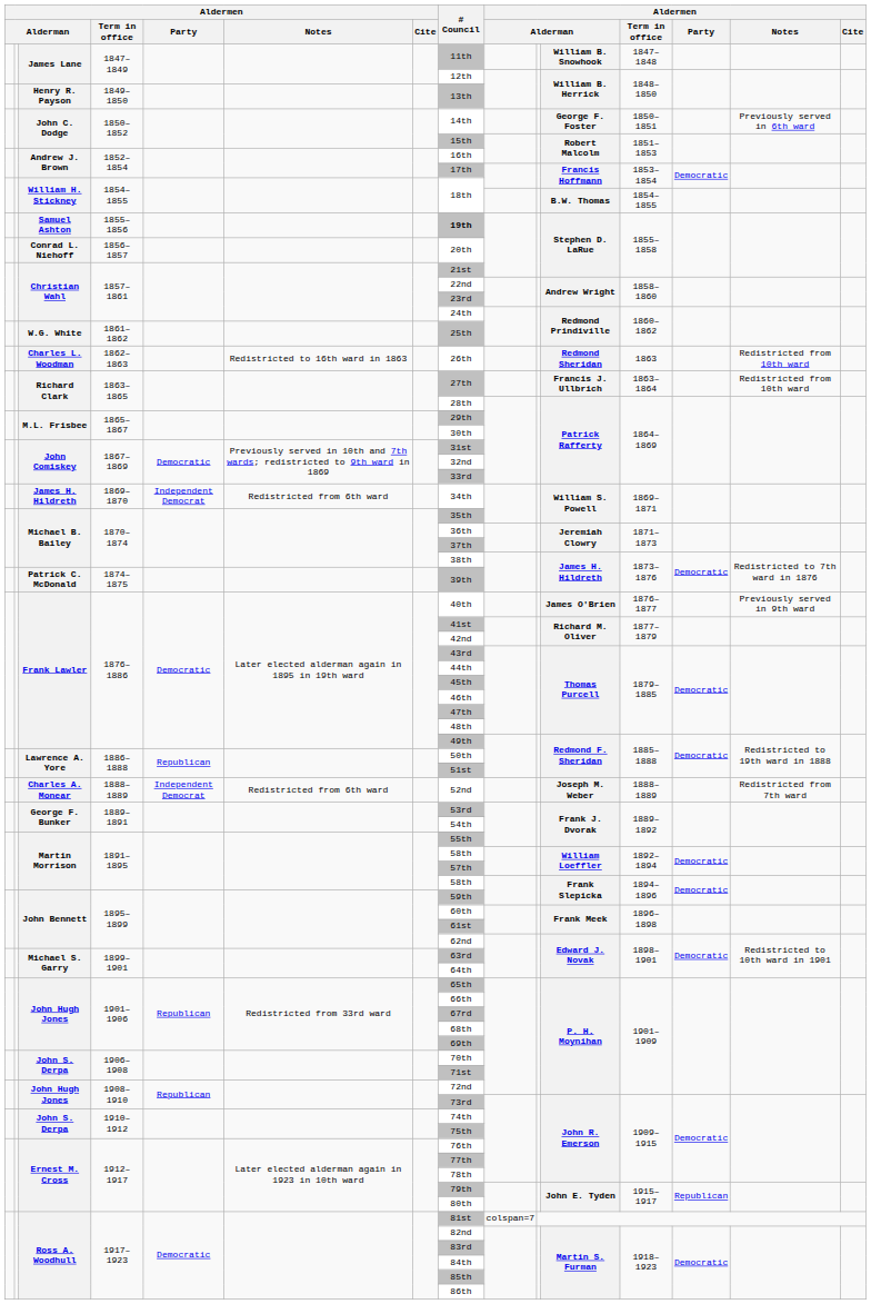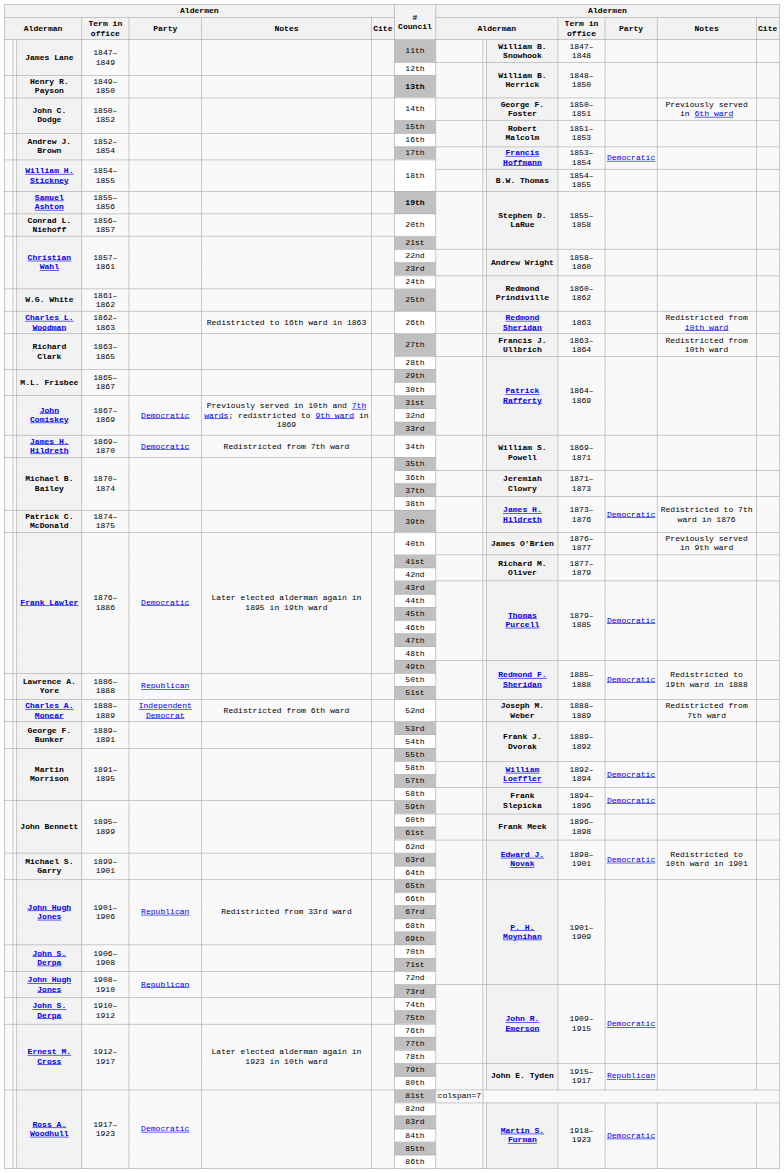 <table class="wikitable" style="text-align:center;">
 <tr>
 <th scope="col" colspan="7">Aldermen</th>
 <th rowspan=2 scope=col># Council</th>
 <th scope="col" colspan="7">Aldermen</th>
 </tr>
 <tr>
 <th scope="col" colspan="3">Alderman</th>
 <th scope="col">Term in office</th>
 <th scope="col">Party</th>
 <th scope="col">Notes</th>
 <th scope="col">Cite</th>
 <th scope="col" colspan="3">Alderman</th>
 <th scope="col">Term in office</th>
 <th scope="col">Party</th>
 <th scope="col">Notes</th>
 <th scope="col">Cite</th>
 </tr>
 <tr>
 <td rowspan=2></td>
 <td rowspan=2></td>
 <th rowspan=2 scope="row">James Lane</th>
 <td rowspan=2>1847–1849</td>
 <td rowspan=2></td>
 <td rowspan=2></td>
 <td rowspan=2></td>
 <td style= "background-color:#C0C0C0">11th</td>
 <td></td>
 <td></td>
 <th scope="row">William B. Snowhook</th>
 <td>1847–1848</td>
 <td></td>
 <td></td>
 <td></td>
 </tr>
 <tr>
 <td style= "background-color:#FFFFFF">12th</td>
 <td rowspan=2></td>
 <td rowspan=2></td>
 <th rowspan=2 scope="row">William B. Herrick</th>
 <td rowspan=2>1848–1850</td>
 <td rowspan=2></td>
 <td rowspan=2></td>
 <td rowspan=2></td>
 </tr>
 <tr>
 <td></td>
 <td></td>
 <th scope="row">Henry R. Payson</th>
 <td>1849–1850</td>
 <td></td>
 <td></td>
 <td></td>
-<td style= "background-color:#C0C0C0">13th</td>
+<td style= "background-color:#C0C0C0"><strong>13th</strong></td>
 </tr>
 <tr>
 <td rowspan=2></td>
 <td rowspan=2></td>
 <th rowspan=2 scope="row">John C. Dodge</th>
 <td rowspan=2>1850–1852</td>
 <td rowspan=2></td>
 <td rowspan=2></td>
 <td rowspan=2></td>
 <td style= "background-color:#FFFFFF">14th</td>
 <td></td>
 <td></td>
 <th scope="row">George F. Foster</th>
 <td>1850–1851</td>
 <td></td>
 <td>Previously served in <a href='#'>6th ward</a></td>
 <td></td>
 </tr>
 <tr>
 <td style= "background-color:#C0C0C0">15th</td>
 <td rowspan=2></td>
 <td rowspan=2></td>
 <th rowspan=2 scope="row">Robert Malcolm</th>
 <td rowspan=2>1851–1853</td>
 <td rowspan=2></td>
 <td rowspan=2></td>
 <td rowspan=2></td>
 </tr>
 <tr>
 <td rowspan=2></td>
 <td rowspan=2></td>
 <th rowspan=2 scope="row">Andrew J. Brown</th>
 <td rowspan=2>1852–1854</td>
 <td rowspan=2></td>
 <td rowspan=2></td>
 <td rowspan=2></td>
 <td style= "background-color:#FFFFFF">16th</td>
 </tr>
 <tr>
 <td style= "background-color:#C0C0C0">17th</td>
 <td rowspan=2> </td>
 <td rowspan=2></td>
 <th rowspan=2 scope="row"><a href='#'>Francis Hoffmann</a></th>
 <td rowspan=2>1853–1854</td>
 <td rowspan=2><a href='#'>Democratic</a></td>
 <td rowspan=2></td>
 <td rowspan=2></td>
 </tr>
 <tr>
 <td rowspan=2></td>
 <td rowspan=2></td>
 <th rowspan=2 scope="row"><a href='#'>William H. Stickney</a></th>
 <td rowspan=2>1854–1855</td>
 <td rowspan=2></td>
 <td rowspan=2></td>
 <td rowspan=2></td>
 <td rowspan=2 style= "background-color:#FFFFFF">18th</td>
 </tr>
 <tr>
 <td></td>
 <td></td>
 <th scope="row">B.W. Thomas</th>
 <td>1854–1855</td>
 <td></td>
 <td></td>
 <td></td>
 </tr>
 <tr>
 <td></td>
 <td></td>
 <th scope="row"><a href='#'>Samuel Ashton</a></th>
 <td>1855–1856</td>
 <td></td>
 <td></td>
 <td></td>
 <td style= "background-color:#C0C0C0"><strong>19th</strong></td>
 <td rowspan=3></td>
 <td rowspan=3></td>
 <th rowspan=3 scope="row">Stephen D. LaRue</th>
 <td rowspan=3>1855–1858</td>
 <td rowspan=3></td>
 <td rowspan=3></td>
 <td rowspan=3></td>
 </tr>
 <tr>
 <td></td>
 <td></td>
 <th scope="row">Conrad L. Niehoff</th>
 <td>1856–1857</td>
 <td></td>
 <td></td>
 <td></td>
 <td style= "background-color:#FFFFFF">20th</td>
 </tr>
 <tr>
 <td rowspan=4></td>
 <td rowspan=4></td>
 <th rowspan=4 scope="row"><a href='#'>Christian Wahl</a></th>
 <td rowspan=4>1857–1861</td>
 <td rowspan=4></td>
 <td rowspan=4></td>
 <td rowspan=4></td>
 <td style= "background-color:#C0C0C0">21st</td>
 </tr>
 <tr>
 <td style= "background-color:#FFFFFF">22nd</td>
 <td rowspan=2></td>
 <td rowspan=2></td>
 <th rowspan=2 scope="row">Andrew Wright</th>
 <td rowspan=2>1858–1860</td>
 <td rowspan=2></td>
 <td rowspan=2></td>
 <td rowspan=2></td>
 </tr>
 <tr>
 <td style= "background-color:#C0C0C0">23rd</td>
 </tr>
 <tr>
 <td style= "background-color:#FFFFFF">24th</td>
 <td rowspan=2></td>
 <td rowspan=2></td>
 <th rowspan=2 scope="row">Redmond Prindiville</th>
 <td rowspan=2>1860–1862</td>
 <td rowspan=2></td>
 <td rowspan=2></td>
 <td rowspan=2></td>
 </tr>
 <tr>
 <td></td>
 <td></td>
 <th scope="row">W.G. White</th>
 <td>1861–1862</td>
 <td></td>
 <td></td>
 <td></td>
 <td style= "background-color:#C0C0C0">25th</td>
 </tr>
 <tr>
 <td rowspan=2></td>
 <td rowspan=2></td>
 <th rowspan=2 scope="row"><a href='#'>Charles L. Woodman</a></th>
 <td rowspan=2>1862–1863</td>
 <td rowspan=2></td>
 <td rowspan=2>Redistricted to 16th ward in 1863</td>
 <td rowspan=2></td>
 <td rowspan=2 style= "background-color:#FFFFFF">26th</td>
 <td></td>
 <td></td>
 <th scope="row"><a href='#'>Redmond Sheridan</a></th>
 <td>1863</td>
 <td></td>
 <td>Redistricted from <a href='#'>10th ward</a></td>
 <td></td>
 </tr>
 <tr>
 <td rowspan=2></td>
 <td rowspan=2></td>
 <th rowspan=2 scope="row">Francis J. Ullbrich</th>
 <td rowspan=2>1863–1864</td>
 <td rowspan=2></td>
 <td rowspan=2>Redistricted from 10th ward</td>
 <td rowspan=2></td>
 </tr>
 <tr>
 <td rowspan=2></td>
 <td rowspan=2></td>
 <th rowspan=2 scope="row">Richard Clark</th>
 <td rowspan=2>1863–1865</td>
 <td rowspan=2></td>
 <td rowspan=2></td>
 <td rowspan=2></td>
 <td style= "background-color:#C0C0C0">27th</td>
 </tr>
 <tr>
 <td style= "background-color:#FFFFFF">28th</td>
 <td rowspan=6></td>
 <td rowspan=6></td>
 <th rowspan=6 scope="row"><a href='#'>Patrick Rafferty</a></th>
 <td rowspan=6>1864–1869</td>
 <td rowspan=6></td>
 <td rowspan=6></td>
 <td rowspan=6></td>
 </tr>
 <tr>
 <td rowspan=2></td>
 <td rowspan=2></td>
 <th rowspan=2 scope="row">M.L. Frisbee</th>
 <td rowspan=2>1865–1867</td>
 <td rowspan=2></td>
 <td rowspan=2></td>
 <td rowspan=2></td>
 <td style= "background-color:#C0C0C0">29th</td>
 </tr>
 <tr>
 <td style= "background-color:#FFFFFF">30th</td>
 </tr>
 <tr>
 <td rowspan=3> </td>
 <td rowspan=3></td>
 <th rowspan=3 scope="row"><a href='#'>John Comiskey</a></th>
 <td rowspan=3>1867–1869</td>
 <td rowspan=3><a href='#'>Democratic</a></td>
 <td rowspan=3>Previously served in 10th and <a href='#'>7th wards</a>; redistricted to <a href='#'>9th ward</a> in 1869</td>
 <td rowspan=3></td>
 <td style= "background-color:#C0C0C0">31st</td>
 </tr>
 <tr>
 <td style= "background-color:#FFFFFF">32nd</td>
 </tr>
 <tr>
 <td style= "background-color:#C0C0C0">33rd</td>
 </tr>
 <tr>
 <td> </td>
 <td></td>
 <th scope="row"><a href='#'>James H. Hildreth</a></th>
 <td>1869–1870</td>
-<td><a href='#'>Independent Democrat</a></td>
-<td>Redistricted from 6th ward</td>
+<td><a href='#'>Democratic</a></td>
+<td>Redistricted from 7th ward</td>
 <td></td>
 <td style= "background-color:#FFFFFF">34th</td>
 <td rowspan=2></td>
 <td rowspan=2></td>
 <th rowspan=2 scope="row">William S. Powell</th>
 <td rowspan=2>1869–1871</td>
 <td rowspan=2></td>
 <td rowspan=2></td>
 <td rowspan=2></td>
 </tr>
 <tr>
 <td rowspan=4></td>
 <td rowspan=4></td>
 <th rowspan=4 scope="row">Michael B. Bailey</th>
 <td rowspan=4>1870–1874</td>
 <td rowspan=4></td>
 <td rowspan=4></td>
 <td rowspan=4></td>
 <td style= "background-color:#C0C0C0">35th</td>
 </tr>
 <tr>
 <td style= "background-color:#FFFFFF">36th</td>
 <td rowspan=2></td>
 <td rowspan=2></td>
 <th rowspan=2 scope="row">Jeremiah Clowry</th>
 <td rowspan=2>1871–1873</td>
 <td rowspan=2></td>
 <td rowspan=2></td>
 <td rowspan=2></td>
 </tr>
 <tr>
 <td style= "background-color:#C0C0C0">37th</td>
 </tr>
 <tr>
 <td style= "background-color:#FFFFFF">38th</td>
 <td rowspan=2> </td>
 <td rowspan=2></td>
 <th rowspan=2 scope="row"><a href='#'>James H. Hildreth</a></th>
 <td rowspan=2>1873–1876</td>
 <td rowspan=2><a href='#'>Democratic</a></td>
 <td rowspan=2>Redistricted to 7th ward in 1876</td>
 <td rowspan=2></td>
 </tr>
 <tr>
 <td></td>
 <td></td>
 <th scope="row">Patrick C. McDonald</th>
 <td>1874–1875</td>
 <td></td>
 <td></td>
 <td></td>
 <td style= "background-color:#C0C0C0">39th</td>
 </tr>
 <tr>
 <td rowspan=10> </td>
 <td rowspan=10></td>
 <th rowspan=10 scope="row"><a href='#'>Frank Lawler</a></th>
 <td rowspan=10>1876–1886</td>
 <td rowspan=10><a href='#'>Democratic</a></td>
 <td rowspan=10>Later elected alderman again in 1895 in 19th ward</td>
 <td rowspan=10></td>
 <td style= "background-color:#FFFFFF">40th</td>
 <td></td>
 <td></td>
 <th scope="row">James O'Brien</th>
 <td>1876–1877</td>
 <td></td>
 <td>Previously served in 9th ward</td>
 <td></td>
 </tr>
 <tr>
 <td style= "background-color:#C0C0C0">41st</td>
 <td rowspan=2></td>
 <td rowspan=2></td>
 <th rowspan=2 scope="row">Richard M. Oliver</th>
 <td rowspan=2>1877–1879</td>
 <td rowspan=2></td>
 <td rowspan=2></td>
 <td rowspan=2></td>
 </tr>
 <tr>
 <td style= "background-color:#FFFFFF">42nd</td>
 </tr>
 <tr>
 <td style= "background-color:#C0C0C0">43rd</td>
 <td rowspan=6> </td>
 <td rowspan=6></td>
 <th rowspan=6 scope="row"><a href='#'>Thomas Purcell</a></th>
 <td rowspan=6>1879–1885</td>
 <td rowspan=6><a href='#'>Democratic</a></td>
 <td rowspan=6></td>
 <td rowspan=6></td>
 </tr>
 <tr>
 <td style= "background-color:#FFFFFF">44th</td>
 </tr>
 <tr>
 <td style= "background-color:#C0C0C0">45th</td>
 </tr>
 <tr>
 <td style= "background-color:#FFFFFF">46th</td>
 </tr>
 <tr>
 <td style= "background-color:#C0C0C0">47th</td>
 </tr>
 <tr>
 <td style= "background-color:#FFFFFF">48th</td>
 </tr>
 <tr>
 <td style= "background-color:#C0C0C0">49th</td>
 <td rowspan=3> </td>
 <td rowspan=3></td>
 <th rowspan=3 scope="row"><a href='#'>Redmond F. Sheridan</a></th>
 <td rowspan=3>1885–1888</td>
 <td rowspan=3><a href='#'>Democratic</a></td>
 <td rowspan=3>Redistricted to 19th ward in 1888</td>
 <td rowspan=3></td>
 </tr>
 <tr>
 <td rowspan=2> </td>
 <td rowspan=2></td>
 <th rowspan=2 scope="row">Lawrence A. Yore</th>
 <td rowspan=2>1886–1888</td>
 <td rowspan=2><a href='#'>Republican</a></td>
 <td rowspan=2></td>
 <td rowspan=2></td>
 <td style= "background-color:#FFFFFF">50th</td>
 </tr>
 <tr>
 <td style= "background-color:#C0C0C0">51st</td>
 </tr>
 <tr>
 <td> </td>
 <td></td>
 <th scope="row"><a href='#'>Charles A. Monear</a></th>
 <td>1888–1889</td>
 <td><a href='#'>Independent Democrat</a></td>
 <td>Redistricted from 6th ward</td>
 <td></td>
 <td style= "background-color:#FFFFFF">52nd</td>
 <td></td>
 <td></td>
 <th scope="row">Joseph M. Weber</th>
 <td>1888–1889</td>
 <td></td>
 <td>Redistricted from 7th ward</td>
 <td></td>
 </tr>
 <tr>
 <td rowspan=2></td>
 <td rowspan=2></td>
 <th rowspan=2 scope="row">George F. Bunker</th>
 <td rowspan=2>1889–1891</td>
 <td rowspan=2></td>
 <td rowspan=2></td>
 <td rowspan=2></td>
 <td style= "background-color:#C0C0C0">53rd</td>
 <td rowspan=3></td>
 <td rowspan=3></td>
 <th rowspan=3 scope="row">Frank J. Dvorak</th>
 <td rowspan=3>1889–1892</td>
 <td rowspan=3></td>
 <td rowspan=3></td>
 <td rowspan=3></td>
 </tr>
 <tr>
 <td style= "background-color:#FFFFFF">54th</td>
 </tr>
 <tr>
 <td rowspan=4></td>
 <td rowspan=4></td>
 <th rowspan=4 scope="row">Martin Morrison</th>
 <td rowspan=4>1891–1895</td>
 <td rowspan=4></td>
 <td rowspan=4></td>
 <td rowspan=4></td>
 <td style= "background-color:#C0C0C0">55th</td>
 </tr>
 <tr>
 <td style= "background-color:#FFFFFF">58th</td>
 <td rowspan=2> </td>
 <td rowspan=2></td>
 <th rowspan=2 scope="row"><a href='#'>William Loeffler</a></th>
 <td rowspan=2>1892–1894</td>
 <td rowspan=2><a href='#'>Democratic</a></td>
 <td rowspan=2></td>
 <td rowspan=2></td>
 </tr>
 <tr>
 <td style= "background-color:#C0C0C0">57th</td>
 </tr>
 <tr>
 <td style= "background-color:#FFFFFF">58th</td>
 <td rowspan=2> </td>
 <td rowspan=2></td>
 <th rowspan=2 scope="row">Frank Slepicka</th>
 <td rowspan=2>1894–1896</td>
 <td rowspan=2><a href='#'>Democratic</a></td>
 <td rowspan=2></td>
 <td rowspan=2></td>
 </tr>
 <tr>
 <td rowspan=4></td>
 <td rowspan=4></td>
 <th rowspan=4 scope="row">John Bennett</th>
 <td rowspan=4>1895–1899</td>
 <td rowspan=4></td>
 <td rowspan=4></td>
 <td rowspan=4></td>
 <td style= "background-color:#C0C0C0">59th</td>
 </tr>
 <tr>
 <td style= "background-color:#FFFFFF">60th</td>
 <td rowspan=2></td>
 <td rowspan=2></td>
 <th rowspan=2 scope="row">Frank Meek</th>
 <td rowspan=2>1896–1898</td>
 <td rowspan=2></td>
 <td rowspan=2></td>
 <td rowspan=2></td>
 </tr>
 <tr>
 <td style= "background-color:#C0C0C0">61st</td>
 </tr>
 <tr>
 <td style= "background-color:#FFFFFF">62nd</td>
 <td rowspan=3> </td>
 <td rowspan=3></td>
 <th rowspan=3 scope="row"><a href='#'>Edward J. Novak</a></th>
 <td rowspan=3>1898–1901</td>
 <td rowspan=3><a href='#'>Democratic</a></td>
 <td rowspan=3>Redistricted to 10th ward in 1901</td>
 <td rowspan=3></td>
 </tr>
 <tr>
 <td rowspan=2></td>
 <td rowspan=2></td>
 <th rowspan=2 scope="row">Michael S. Garry</th>
 <td rowspan=2>1899–1901</td>
 <td rowspan=2></td>
 <td rowspan=2></td>
 <td rowspan=2></td>
 <td style= "background-color:#C0C0C0">63rd</td>
 </tr>
 <tr>
 <td style= "background-color:#FFFFFF">64th</td>
 </tr>
 <tr>
 <td rowspan=5> </td>
 <td rowspan=5></td>
 <th rowspan=5 scope="row"><a href='#'>John Hugh Jones</a></th>
 <td rowspan=5>1901–1906</td>
 <td rowspan=5><a href='#'>Republican</a></td>
 <td rowspan=5>Redistricted from 33rd ward</td>
 <td rowspan=5></td>
 <td style= "background-color:#C0C0C0">65th</td>
 <td rowspan=8></td>
 <td rowspan=8></td>
 <th rowspan=8 scope="row"><a href='#'>P. H. Moynihan</a></th>
 <td rowspan=8>1901–1909</td>
 <td rowspan=8></td>
 <td rowspan=8></td>
 <td rowspan=8></td>
 </tr>
 <tr>
 <td style= "background-color:#FFFFFF">66th</td>
 </tr>
 <tr>
 <td style= "background-color:#C0C0C0">67rd</td>
 </tr>
 <tr>
 <td style= "background-color:#FFFFFF">68th</td>
 </tr>
 <tr>
 <td style= "background-color:#C0C0C0">69th</td>
 </tr>
 <tr>
 <td rowspan=2></td>
 <td rowspan=2></td>
 <th rowspan=2 scope="row"><a href='#'>John S. Derpa</a></th>
 <td rowspan=2>1906–1908</td>
 <td rowspan=2></td>
 <td rowspan=2></td>
 <td rowspan=2></td>
 <td style= "background-color:#FFFFFF">70th</td>
 </tr>
 <tr>
 <td style= "background-color:#C0C0C0">71st</td>
 </tr>
 <tr>
 <td rowspan=2> </td>
 <td rowspan=2></td>
 <th rowspan=2 scope="row"><a href='#'>John Hugh Jones</a></th>
 <td rowspan=2>1908–1910</td>
 <td rowspan=2><a href='#'>Republican</a></td>
 <td rowspan=2></td>
 <td rowspan=2></td>
 <td style= "background-color:#FFFFFF">72nd</td>
 </tr>
 <tr>
 <td style= "background-color:#C0C0C0">73rd</td>
 <td rowspan=6> </td>
 <td rowspan=6></td>
 <th rowspan=6 scope="row"><a href='#'>John R. Emerson</a></th>
 <td rowspan=6>1909–1915</td>
 <td rowspan=6><a href='#'>Democratic</a></td>
 <td rowspan=6></td>
 <td rowspan=6></td>
 </tr>
 <tr>
 <td rowspan=2></td>
 <td rowspan=2></td>
 <th rowspan=2 scope="row"><a href='#'>John S. Derpa</a></th>
 <td rowspan=2>1910–1912</td>
 <td rowspan=2></td>
 <td rowspan=2></td>
 <td rowspan=2></td>
 <td style= "background-color:#FFFFFF">74th</td>
 </tr>
 <tr>
 <td style= "background-color:#C0C0C0">75th</td>
 </tr>
 <tr>
 <td rowspan=5></td>
 <td rowspan=5></td>
 <th rowspan=5 scope="row"><a href='#'>Ernest M. Cross</a></th>
 <td rowspan=5>1912–1917</td>
 <td rowspan=5></td>
 <td rowspan=5>Later elected alderman again in 1923 in 10th ward</td>
 <td rowspan=5></td>
 <td style= "background-color:#FFFFFF">76th</td>
 </tr>
 <tr>
 <td style= "background-color:#C0C0C0">77th</td>
 </tr>
 <tr>
 <td style= "background-color:#FFFFFF">78th</td>
 </tr>
 <tr>
 <td style= "background-color:#C0C0C0">79th</td>
 <td rowspan=2> </td>
 <td rowspan=2></td>
 <th rowspan=2 scope="row">John E. Tyden</th>
 <td rowspan=2>1915–1917</td>
 <td rowspan=2><a href='#'>Republican</a></td>
 <td rowspan=2></td>
 <td rowspan=2></td>
 </tr>
 <tr>
 <td style= "background-color:#FFFFFF">80th</td>
 </tr>
 <tr>
 <td rowspan=6> </td>
 <td rowspan=6></td>
 <th rowspan=6 scope="row"><a href='#'>Ross A. Woodhull</a></th>
 <td rowspan=6>1917–1923</td>
 <td rowspan=6><a href='#'>Democratic</a></td>
 <td rowspan=6></td>
 <td rowspan=6></td>
 <td style= "background-color:#C0C0C0">81st</td>
 <td>colspan=7 </td>
 </tr>
 <tr>
 <td style= "background-color:#FFFFFF">82nd</td>
 <td rowspan=5> </td>
 <td rowspan=5></td>
 <th rowspan=5 scope="row"><a href='#'>Martin S. Furman</a></th>
 <td rowspan=5>1918–1923</td>
 <td rowspan=5><a href='#'>Democratic</a></td>
 <td rowspan=5></td>
 <td rowspan=5></td>
 </tr>
 <tr>
 <td style= "background-color:#C0C0C0">83rd</td>
 </tr>
 <tr>
 <td style= "background-color:#FFFFFF">84th</td>
 </tr>
 <tr>
 <td style= "background-color:#C0C0C0">85th</td>
 </tr>
 <tr>
 <td style= "background-color:#FFFFFF">86th</td>
 </tr>
 </table>
